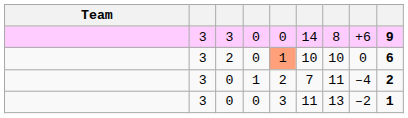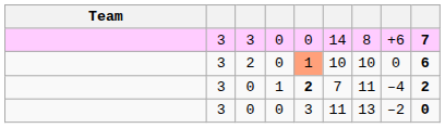 <table class="wikitable" style="text-align: center;">
 <tr>
 <th style="width:175px;">Team</th>
 <th width="20"></th>
 <th width="20"></th>
 <th width="20"></th>
 <th width="20"></th>
 <th width="20"></th>
 <th width="20"></th>
 <th width="20"></th>
 <th width="20"></th>
 </tr>
 <tr style="background:#fcf;">
 <td align=left></td>
 <td>3</td>
 <td>3</td>
 <td>0</td>
 <td>0</td>
 <td>14</td>
 <td>8</td>
 <td>+6</td>
-<td><strong>9</strong></td>
+<td><strong>7</strong></td>
 </tr>
 <tr>
 <td align=left></td>
 <td>3</td>
 <td>2</td>
 <td>0</td>
 <td style="background: lightsalmon;">1</td>
 <td>10</td>
 <td>10</td>
 <td>0</td>
 <td><strong>6</strong></td>
 </tr>
 <tr>
 <td align=left></td>
 <td>3</td>
 <td>0</td>
 <td>1</td>
-<td>2</td>
+<td><strong>2</strong></td>
 <td>7</td>
 <td>11</td>
 <td>–4</td>
 <td><strong>2</strong></td>
 </tr>
 <tr>
 <td align=left></td>
 <td>3</td>
 <td>0</td>
 <td>0</td>
 <td>3</td>
 <td>11</td>
 <td>13</td>
 <td>–2</td>
-<td><strong>1</strong></td>
+<td><strong>0</strong></td>
 </tr>
 </table>
